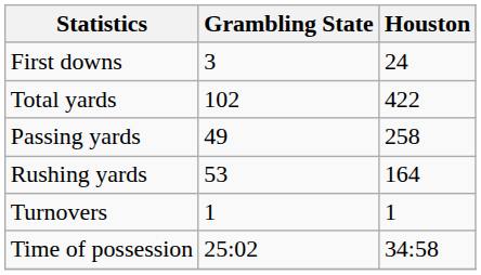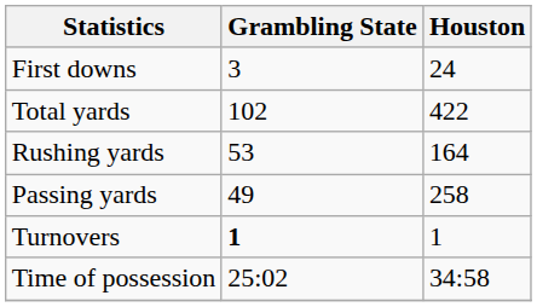 <table class="wikitable">
 <tr>
 <th>Statistics</th>
 <th>Grambling State</th>
 <th>Houston</th>
 </tr>
 <tr>
 <td>First downs</td>
 <td>3</td>
 <td>24</td>
 </tr>
 <tr>
 <td>Total yards</td>
 <td>102</td>
 <td>422</td>
 </tr>
 <tr>
+<td>Rushing yards</td>
+<td>53</td>
+<td>164</td>
+</tr>
+<tr>
 <td>Passing yards</td>
 <td>49</td>
 <td>258</td>
 </tr>
 <tr>
-<td>Rushing yards</td>
-<td>53</td>
-<td>164</td>
-</tr>
-<tr>
 <td>Turnovers</td>
-<td>1</td>
+<td><strong>1</strong></td>
 <td>1</td>
 </tr>
 <tr>
 <td>Time of possession</td>
 <td>25:02</td>
 <td>34:58</td>
 </tr>
 <tr>
 </tr>
 </table>
